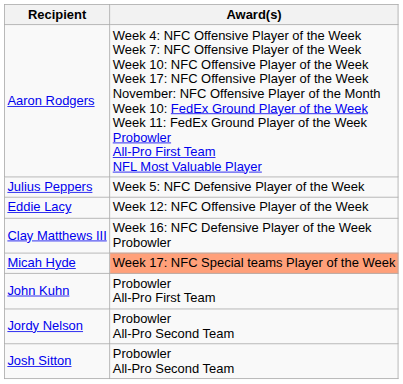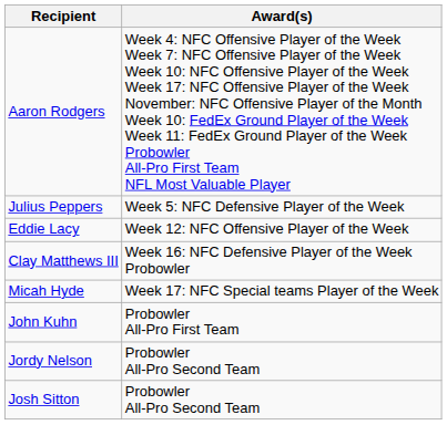 <table class="wikitable">
 <tr>
 <th>Recipient</th>
 <th>Award(s)</th>
 </tr>
 <tr>
 <td><a href='#'>Aaron Rodgers</a></td>
 <td>Week 4: NFC Offensive Player of the Week<br>Week 7: NFC Offensive Player of the Week<br>Week 10: NFC Offensive Player of the Week<br>Week 17: NFC Offensive Player of the Week<br>November: NFC Offensive Player of the Month<br>Week 10: <a href='#'>FedEx Ground Player of the Week</a><br>Week 11: FedEx Ground Player of the Week<br><a href='#'>Probowler</a><br><a href='#'>All-Pro First Team</a><br><a href='#'>NFL Most Valuable Player</a></td>
 </tr>
 <tr>
 <td><a href='#'>Julius Peppers</a></td>
 <td>Week 5: NFC Defensive Player of the Week</td>
 </tr>
 <tr>
 <td><a href='#'>Eddie Lacy</a></td>
 <td>Week 12: NFC Offensive Player of the Week</td>
 </tr>
 <tr>
 <td><a href='#'>Clay Matthews III</a></td>
 <td>Week 16: NFC Defensive Player of the Week<br>Probowler</td>
 </tr>
 <tr>
 <td><a href='#'>Micah Hyde</a></td>
-<td style="background: lightsalmon;">Week 17: NFC Special teams Player of the Week</td>
+<td>Week 17: NFC Special teams Player of the Week</td>
 </tr>
 <tr>
 <td><a href='#'>John Kuhn</a></td>
 <td>Probowler<br>All-Pro First Team</td>
 </tr>
 <tr>
 <td><a href='#'>Jordy Nelson</a></td>
 <td>Probowler<br>All-Pro Second Team</td>
 </tr>
 <tr>
 <td><a href='#'>Josh Sitton</a></td>
 <td>Probowler<br>All-Pro Second Team</td>
 </tr>
 </table>
